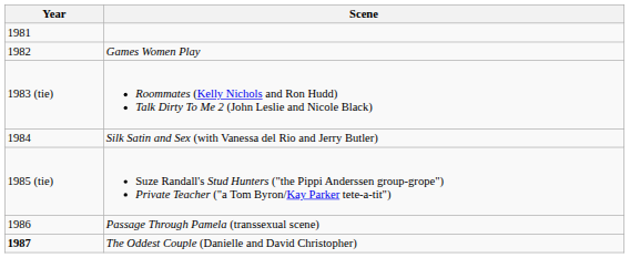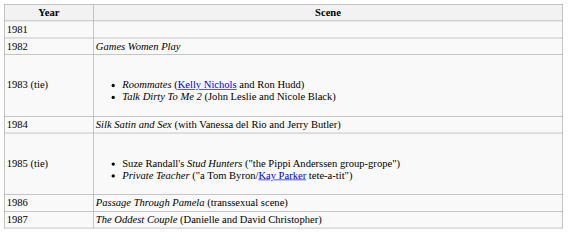 <table class=wikitable width="67%">
 <tr>
 <th width="15">Year</th>
 <th width="200">Scene</th>
 </tr>
 <tr>
 <td>1981</td>
 <td></td>
 </tr>
 <tr>
 <td>1982</td>
 <td><em>Games Women Play</em></td>
 </tr>
 <tr>
 <td>1983 (tie)</td>
 <td><br><ul><li><em>Roommates</em> (<a href='#'>Kelly Nichols</a> and Ron Hudd)</li><li><em>Talk Dirty To Me 2</em> (John Leslie and Nicole Black)</li></ul></td>
 </tr>
 <tr>
 <td>1984</td>
 <td><em>Silk Satin and Sex</em> (with Vanessa del Rio and Jerry Butler)</td>
 </tr>
 <tr>
 <td>1985 (tie)</td>
 <td><br><ul><li>Suze Randall's <em>Stud Hunters</em> ("the Pippi Anderssen group-grope")</li><li><em>Private Teacher</em> ("a Tom Byron/<a href='#'>Kay Parker</a> tete-a-tit")</li></ul></td>
 </tr>
 <tr>
 <td>1986</td>
 <td><em>Passage Through Pamela</em> (transsexual scene)</td>
 </tr>
 <tr>
-<td><strong>1987</strong></td>
+<td>1987</td>
 <td><em>The Oddest Couple</em> (Danielle and David Christopher)</td>
 </tr>
 </table>
